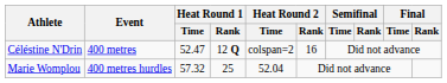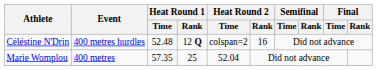 <table class=wikitable style="font-size:90%; text-align:center">
 <tr>
 <th rowspan=2>Athlete</th>
 <th rowspan=2>Event</th>
 <th colspan=2>Heat Round 1</th>
 <th colspan=2>Heat Round 2</th>
 <th colspan=2>Semifinal</th>
 <th colspan=2>Final</th>
 </tr>
 <tr style=font-size:95%>
 <th>Time</th>
 <th>Rank</th>
 <th>Time</th>
 <th>Rank</th>
 <th>Time</th>
 <th>Rank</th>
 <th>Time</th>
 <th>Rank</th>
 </tr>
 <tr align=center>
 <td align=left><a href='#'>Céléstine N'Drin</a></td>
-<td align=left><a href='#'>400 metres</a></td>
-<td>52.47</td>
+<td align=left><a href='#'>400 metres hurdles</a></td>
+<td>52.48</td>
 <td>12 <strong>Q</strong></td>
 <td>colspan=2</td>
 <td>16</td>
 <td colspan=4>Did not advance</td>
 </tr>
 <tr align=center>
 <td align=left><a href='#'>Marie Womplou</a></td>
-<td align=left><a href='#'>400 metres hurdles</a></td>
-<td>57.32</td>
+<td align=left><a href='#'>400 metres</a></td>
+<td>57.35</td>
 <td>25</td>
 <td>52.04</td>
 <td colspan=4>Did not advance</td>
 </tr>
 </table>
